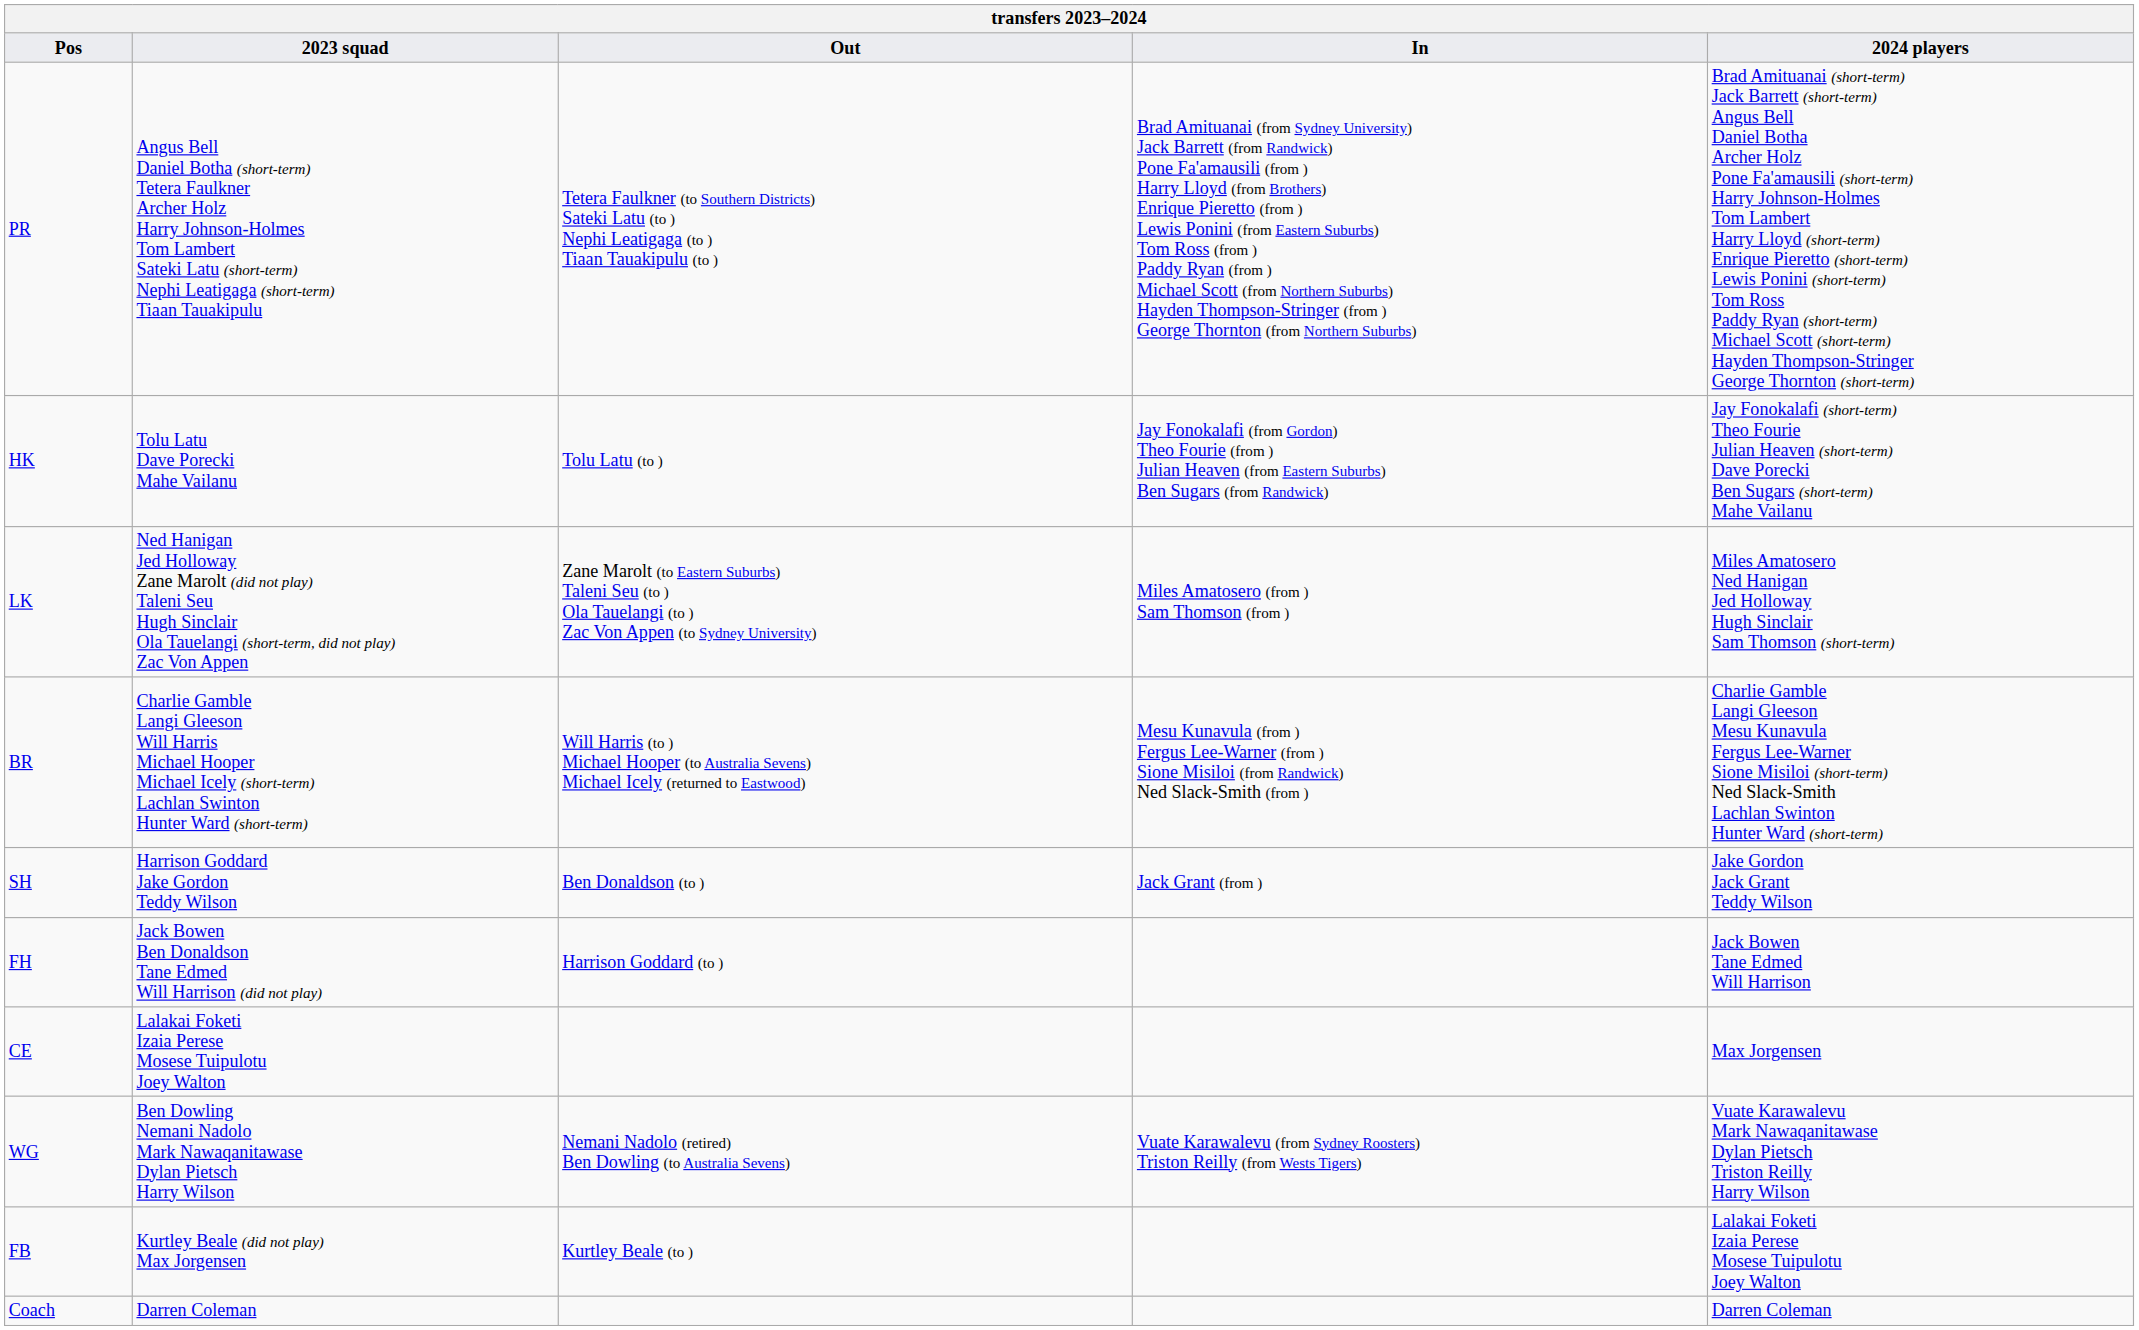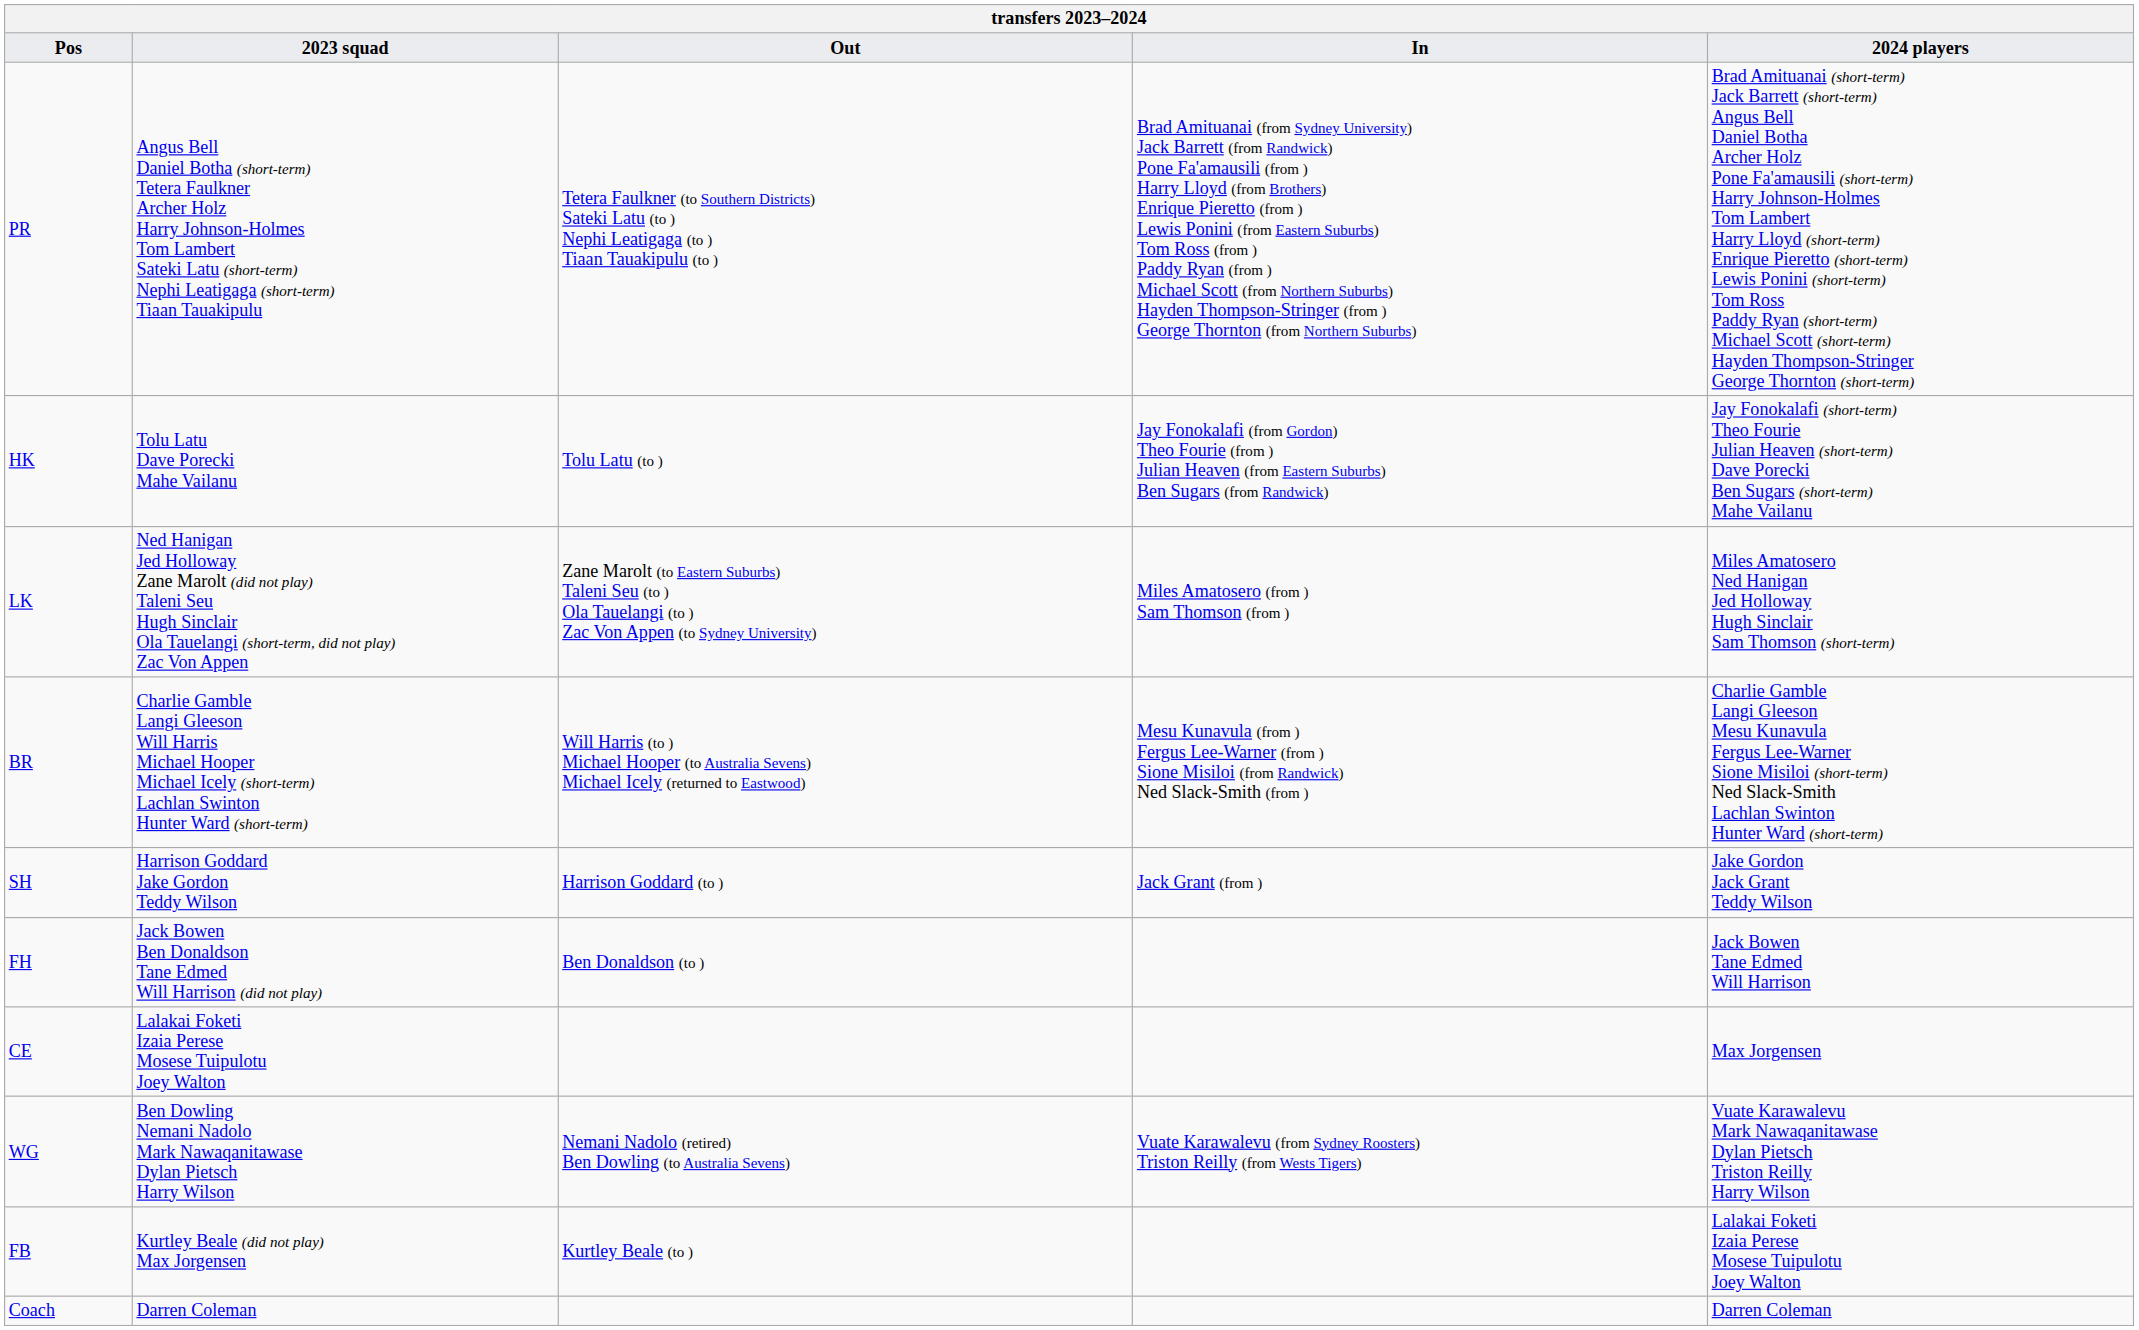 <table class="wikitable" style="text-align: left; width:95%">
 <tr>
 <th colspan="100%"> transfers 2023–2024</th>
 </tr>
 <tr>
 <th style="background:#ebecf0; width:6%;">Pos</th>
 <th style="background:#ebecf0; width:20%;">2023 squad</th>
 <th style="background:#ebecf0; width:27%;">Out</th>
 <th style="background:#ebecf0; width:27%;">In</th>
 <th style="background:#ebecf0; width:20%;">2024 players</th>
 </tr>
 <tr>
 <td><a href='#'>PR</a></td>
 <td> <a href='#'>Angus Bell</a> <br> <a href='#'>Daniel Botha</a> <small><em>(short-term)</em></small> <br> <a href='#'>Tetera Faulkner</a> <br> <a href='#'>Archer Holz</a> <br> <a href='#'>Harry Johnson-Holmes</a> <br> <a href='#'>Tom Lambert</a> <br> <a href='#'>Sateki Latu</a> <small><em>(short-term)</em></small> <br> <a href='#'>Nephi Leatigaga</a> <small><em>(short-term)</em></small> <br> <a href='#'>Tiaan Tauakipulu</a></td>
 <td>  <a href='#'>Tetera Faulkner</a> <small>(to <a href='#'>Southern Districts</a>)</small> <br>  <a href='#'>Sateki Latu</a> <small>(to )</small> <br>  <a href='#'>Nephi Leatigaga</a> <small>(to )</small> <br>  <a href='#'>Tiaan Tauakipulu</a> <small>(to )</small></td>
 <td>  <a href='#'>Brad Amituanai</a> <small>(from <a href='#'>Sydney University</a>)</small> <br>  <a href='#'>Jack Barrett</a> <small>(from <a href='#'>Randwick</a>)</small> <br>  <a href='#'>Pone Fa'amausili</a> <small>(from )</small> <br>  <a href='#'>Harry Lloyd</a> <small>(from <a href='#'>Brothers</a>)</small> <br>  <a href='#'>Enrique Pieretto</a> <small>(from )</small> <br>  <a href='#'>Lewis Ponini</a> <small>(from <a href='#'>Eastern Suburbs</a>)</small> <br>  <a href='#'>Tom Ross</a> <small>(from )</small> <br>  <a href='#'>Paddy Ryan</a> <small>(from )</small> <br>  <a href='#'>Michael Scott</a> <small>(from <a href='#'>Northern Suburbs</a>)</small> <br>  <a href='#'>Hayden Thompson-Stringer</a> <small>(from )</small> <br>  <a href='#'>George Thornton</a> <small>(from <a href='#'>Northern Suburbs</a>)</small></td>
 <td> <a href='#'>Brad Amituanai</a> <small><em>(short-term)</em></small> <br> <a href='#'>Jack Barrett</a> <small><em>(short-term)</em></small> <br> <a href='#'>Angus Bell</a> <br> <a href='#'>Daniel Botha</a> <br> <a href='#'>Archer Holz</a> <br> <a href='#'>Pone Fa'amausili</a> <small><em>(short-term)</em></small> <br> <a href='#'>Harry Johnson-Holmes</a> <br> <a href='#'>Tom Lambert</a> <br> <a href='#'>Harry Lloyd</a> <small><em>(short-term)</em></small> <br> <a href='#'>Enrique Pieretto</a> <small><em>(short-term)</em></small> <br> <a href='#'>Lewis Ponini</a> <small><em>(short-term)</em></small> <br> <a href='#'>Tom Ross</a> <br> <a href='#'>Paddy Ryan</a> <small><em>(short-term)</em></small> <br> <a href='#'>Michael Scott</a> <small><em>(short-term)</em></small> <br> <a href='#'>Hayden Thompson-Stringer</a> <br> <a href='#'>George Thornton</a> <small><em>(short-term)</em></small></td>
 </tr>
 <tr>
 <td><a href='#'>HK</a></td>
 <td> <a href='#'>Tolu Latu</a> <br> <a href='#'>Dave Porecki</a> <br> <a href='#'>Mahe Vailanu</a></td>
 <td>  <a href='#'>Tolu Latu</a> <small>(to )</small></td>
 <td>  <a href='#'>Jay Fonokalafi</a> <small>(from <a href='#'>Gordon</a>)</small> <br>  <a href='#'>Theo Fourie</a> <small>(from )</small> <br>  <a href='#'>Julian Heaven</a> <small>(from <a href='#'>Eastern Suburbs</a>)</small> <br>  <a href='#'>Ben Sugars</a> <small>(from <a href='#'>Randwick</a>)</small></td>
 <td> <a href='#'>Jay Fonokalafi</a> <small><em>(short-term)</em></small> <br> <a href='#'>Theo Fourie</a> <br> <a href='#'>Julian Heaven</a> <small><em>(short-term)</em></small> <br> <a href='#'>Dave Porecki</a> <br> <a href='#'>Ben Sugars</a> <small><em>(short-term)</em></small> <br> <a href='#'>Mahe Vailanu</a></td>
 </tr>
 <tr>
 <td><a href='#'>LK</a></td>
 <td> <a href='#'>Ned Hanigan</a> <br> <a href='#'>Jed Holloway</a> <br> Zane Marolt <small><em>(did not play)</em></small> <br> <a href='#'>Taleni Seu</a> <br> <a href='#'>Hugh Sinclair</a> <br> <a href='#'>Ola Tauelangi</a> <small><em>(short-term, did not play)</em></small> <br> <a href='#'>Zac Von Appen</a></td>
 <td>  Zane Marolt <small>(to <a href='#'>Eastern Suburbs</a>)</small> <br>  <a href='#'>Taleni Seu</a> <small>(to )</small> <br>  <a href='#'>Ola Tauelangi</a> <small>(to )</small> <br>  <a href='#'>Zac Von Appen</a> <small>(to <a href='#'>Sydney University</a>)</small></td>
 <td>  <a href='#'>Miles Amatosero</a> <small>(from )</small> <br>  <a href='#'>Sam Thomson</a> <small>(from )</small></td>
 <td> <a href='#'>Miles Amatosero</a> <br> <a href='#'>Ned Hanigan</a> <br> <a href='#'>Jed Holloway</a> <br> <a href='#'>Hugh Sinclair</a> <br> <a href='#'>Sam Thomson</a> <small><em>(short-term)</em></small></td>
 </tr>
 <tr>
 <td><a href='#'>BR</a></td>
 <td> <a href='#'>Charlie Gamble</a> <br> <a href='#'>Langi Gleeson</a> <br> <a href='#'>Will Harris</a> <br> <a href='#'>Michael Hooper</a> <br> <a href='#'>Michael Icely</a> <small><em>(short-term)</em></small> <br> <a href='#'>Lachlan Swinton</a> <br> <a href='#'>Hunter Ward</a> <small><em>(short-term)</em></small></td>
 <td>  <a href='#'>Will Harris</a> <small>(to )</small> <br>  <a href='#'>Michael Hooper</a> <small>(to <a href='#'>Australia Sevens</a>)</small> <br>  <a href='#'>Michael Icely</a> <small>(returned to <a href='#'>Eastwood</a>)</small></td>
 <td>  <a href='#'>Mesu Kunavula</a> <small>(from )</small> <br>  <a href='#'>Fergus Lee-Warner</a> <small>(from )</small> <br>  <a href='#'>Sione Misiloi</a> <small>(from <a href='#'>Randwick</a>)</small> <br>  Ned Slack-Smith <small>(from )</small></td>
 <td> <a href='#'>Charlie Gamble</a> <br> <a href='#'>Langi Gleeson</a> <br> <a href='#'>Mesu Kunavula</a> <br> <a href='#'>Fergus Lee-Warner</a> <br> <a href='#'>Sione Misiloi</a> <small><em>(short-term)</em></small> <br> Ned Slack-Smith <br> <a href='#'>Lachlan Swinton</a> <br> <a href='#'>Hunter Ward</a> <small><em>(short-term)</em></small></td>
 </tr>
 <tr>
 <td><a href='#'>SH</a></td>
 <td> <a href='#'>Harrison Goddard</a> <br> <a href='#'>Jake Gordon</a> <br> <a href='#'>Teddy Wilson</a></td>
-<td>  <a href='#'>Ben Donaldson</a> <small>(to )</small></td>
+<td>  <a href='#'>Harrison Goddard</a> <small>(to )</small></td>
 <td>  <a href='#'>Jack Grant</a> <small>(from )</small></td>
 <td> <a href='#'>Jake Gordon</a> <br> <a href='#'>Jack Grant</a> <br> <a href='#'>Teddy Wilson</a></td>
 </tr>
 <tr>
 <td><a href='#'>FH</a></td>
 <td> <a href='#'>Jack Bowen</a> <br> <a href='#'>Ben Donaldson</a> <br> <a href='#'>Tane Edmed</a> <br> <a href='#'>Will Harrison</a> <small><em>(did not play)</em></small></td>
-<td>  <a href='#'>Harrison Goddard</a> <small>(to )</small></td>
+<td>  <a href='#'>Ben Donaldson</a> <small>(to )</small></td>
 <td></td>
 <td> <a href='#'>Jack Bowen</a> <br> <a href='#'>Tane Edmed</a> <br> <a href='#'>Will Harrison</a></td>
 </tr>
 <tr>
 <td><a href='#'>CE</a></td>
 <td> <a href='#'>Lalakai Foketi</a> <br> <a href='#'>Izaia Perese</a> <br> <a href='#'>Mosese Tuipulotu</a> <br> <a href='#'>Joey Walton</a></td>
 <td></td>
 <td></td>
 <td> <a href='#'>Max Jorgensen</a></td>
 </tr>
 <tr>
 <td><a href='#'>WG</a></td>
 <td> <a href='#'>Ben Dowling</a> <br> <a href='#'>Nemani Nadolo</a> <br> <a href='#'>Mark Nawaqanitawase</a> <br> <a href='#'>Dylan Pietsch</a> <br> <a href='#'>Harry Wilson</a></td>
 <td>  <a href='#'>Nemani Nadolo</a> <small>(retired)</small> <br>  <a href='#'>Ben Dowling</a> <small>(to <a href='#'>Australia Sevens</a>)</small></td>
 <td>  <a href='#'>Vuate Karawalevu</a> <small>(from <a href='#'>Sydney Roosters</a>)</small> <br>  <a href='#'>Triston Reilly</a> <small>(from <a href='#'>Wests Tigers</a>)</small></td>
 <td> <a href='#'>Vuate Karawalevu</a> <br> <a href='#'>Mark Nawaqanitawase</a> <br> <a href='#'>Dylan Pietsch</a> <br> <a href='#'>Triston Reilly</a> <br> <a href='#'>Harry Wilson</a></td>
 </tr>
 <tr>
 <td><a href='#'>FB</a></td>
 <td> <a href='#'>Kurtley Beale</a> <small><em>(did not play)</em></small> <br> <a href='#'>Max Jorgensen</a></td>
 <td>  <a href='#'>Kurtley Beale</a> <small>(to )</small></td>
 <td></td>
 <td> <a href='#'>Lalakai Foketi</a> <br> <a href='#'>Izaia Perese</a> <br> <a href='#'>Mosese Tuipulotu</a> <br> <a href='#'>Joey Walton</a></td>
 </tr>
 <tr>
 <td><a href='#'>Coach</a></td>
 <td> <a href='#'>Darren Coleman</a></td>
 <td></td>
 <td></td>
 <td> <a href='#'>Darren Coleman</a></td>
 </tr>
 </table>
